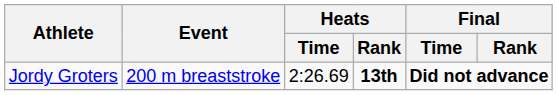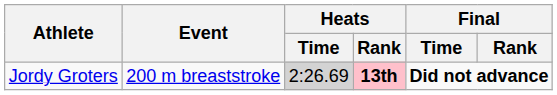 <table class=wikitable style="font-size:90%">
 <tr>
 <th rowspan="2">Athlete</th>
 <th rowspan="2">Event</th>
 <th colspan="2">Heats</th>
 <th colspan="2">Final</th>
 </tr>
 <tr>
 <th>Time</th>
 <th>Rank</th>
 <th>Time</th>
 <th>Rank</th>
 </tr>
 <tr>
 <td><a href='#'>Jordy Groters</a></td>
 <td><a href='#'>200 m breaststroke</a></td>
-<td align=center>2:26.69</td>
-<td align=center><strong>13th</strong></td>
+<td align=center style="background: lightgrey;">2:26.69</td>
+<td align=center style="background: pink;"><strong>13th</strong></td>
 <td align="center" colspan="2"><strong>Did not advance</strong></td>
 </tr>
 </table>
